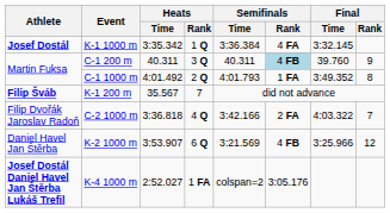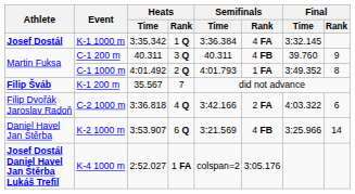 <table class=wikitable style="font-size:90%">
 <tr>
 <th rowspan="2">Athlete</th>
 <th rowspan="2">Event</th>
 <th colspan=2>Heats</th>
 <th colspan=2>Semifinals</th>
 <th colspan=2>Final</th>
 </tr>
 <tr style="font-size:95%">
 <th>Time</th>
 <th>Rank</th>
 <th>Time</th>
 <th>Rank</th>
 <th>Time</th>
 <th>Rank</th>
 </tr>
 <tr align=center>
 <td align=left><strong><a href='#'>Josef Dostál</a></strong></td>
 <td align=left><a href='#'>K-1 1000 m</a></td>
 <td>3:35.342</td>
 <td>1 <strong>Q</strong></td>
 <td>3:36.384</td>
 <td>4 <strong>FA</strong></td>
 <td>3:32.145</td>
 <td></td>
 </tr>
 <tr align=center>
 <td align=left rowspan=2><a href='#'>Martin Fuksa</a></td>
 <td align=left><a href='#'>C-1 200 m</a></td>
 <td>40.311</td>
 <td>3 <strong>Q</strong></td>
 <td>40.311</td>
-<td style="background: lightblue;">4 <strong>FB</strong></td>
+<td>4 <strong>FB</strong></td>
 <td>39.760</td>
 <td>9</td>
 </tr>
 <tr align=center>
 <td align=left><a href='#'>C-1 1000 m</a></td>
 <td>4:01.492</td>
 <td>2 <strong>Q</strong></td>
 <td>4:01.793</td>
 <td>1 <strong>FA</strong></td>
 <td>3:49.352</td>
 <td>8</td>
 </tr>
 <tr align=center>
 <td align=left><strong><a href='#'>Filip Šváb</a></strong></td>
 <td align=left><a href='#'>K-1 200 m</a></td>
 <td>35.567</td>
 <td>7</td>
 <td colspan=4>did not advance</td>
 </tr>
 <tr align=center>
 <td align=left><a href='#'>Filip Dvořák</a><br><a href='#'>Jaroslav Radoň</a></td>
 <td align=left><a href='#'>C-2 1000 m</a></td>
 <td>3:36.818</td>
 <td>4 <strong>Q</strong></td>
 <td>3:42.166</td>
 <td>2 <strong>FA</strong></td>
 <td>4:03.322</td>
-<td>7</td>
+<td>6</td>
 </tr>
 <tr align=center>
 <td align=left><a href='#'>Daniel Havel</a><br><a href='#'>Jan Štěrba</a></td>
 <td align=left><a href='#'>K-2 1000 m</a></td>
 <td>3:53.907</td>
 <td>6 <strong>Q</strong></td>
 <td>3:21.569</td>
 <td>4 <strong>FB</strong></td>
 <td>3:25.966</td>
-<td>12</td>
+<td>14</td>
 </tr>
 <tr align=center>
 <td align=left><strong><a href='#'>Josef Dostál</a></strong><br><strong><a href='#'>Daniel Havel</a></strong><br><strong><a href='#'>Jan Štěrba</a></strong><br><strong><a href='#'>Lukáš Trefil</a></strong></td>
 <td align=left><a href='#'>K-4 1000 m</a></td>
 <td>2:52.027</td>
 <td>1 <strong>FA</strong></td>
 <td>colspan=2 </td>
 <td>3:05.176</td>
 <td></td>
 </tr>
 </table>
